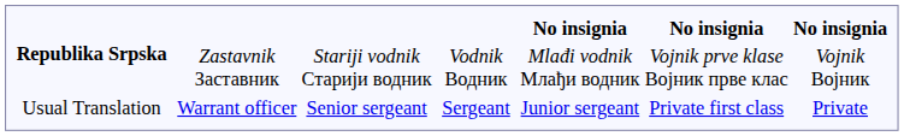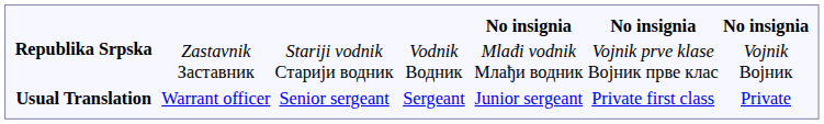 <table style="border:1px solid #8888aa; background-color:#f7f8ff; padding:5px; font-size:95%; margin: 0px 12px 12px 0px;">
 <tr style="text-align:center;">
 <th rowspan=2> Republika Srpska</th>
 <td colspan=6 rowspan=3></td>
 <td colspan=2></td>
 <td colspan=2></td>
 <td colspan=6 rowspan=3></td>
 <td colspan=6></td>
 <td colspan=4 rowspan=3></td>
 <td colspan=2><strong>No insignia</strong></td>
 <td colspan=6><strong>No insignia</strong></td>
 <td colspan=2><strong>No insignia</strong></td>
 </tr>
 <tr style="text-align:center;">
 <td colspan=2><em>Zastavnik</em><br>Заставник</td>
 <td colspan=2><em>Stariji vodnik</em><br>Старији водник</td>
 <td colspan=6><em>Vodnik</em><br>Водник</td>
 <td colspan=2><em>Mlađi vodnik</em><br>Млађи водник</td>
 <td colspan=6><em>Vojnik prve klase</em><br>Војник прве клас</td>
 <td colspan=2><em>Vojnik</em><br>Војник</td>
 </tr>
 <tr style="text-align:center;">
-<td>Usual Translation</td>
+<td><strong>Usual Translation</strong></td>
 <td colspan=2><a href='#'>Warrant officer</a></td>
 <td colspan=2><a href='#'>Senior sergeant</a></td>
 <td colspan=6><a href='#'>Sergeant</a></td>
 <td colspan=2><a href='#'>Junior sergeant</a></td>
 <td colspan=6><a href='#'>Private first class</a></td>
 <td colspan=2><a href='#'>Private</a></td>
 </tr>
 </table>
